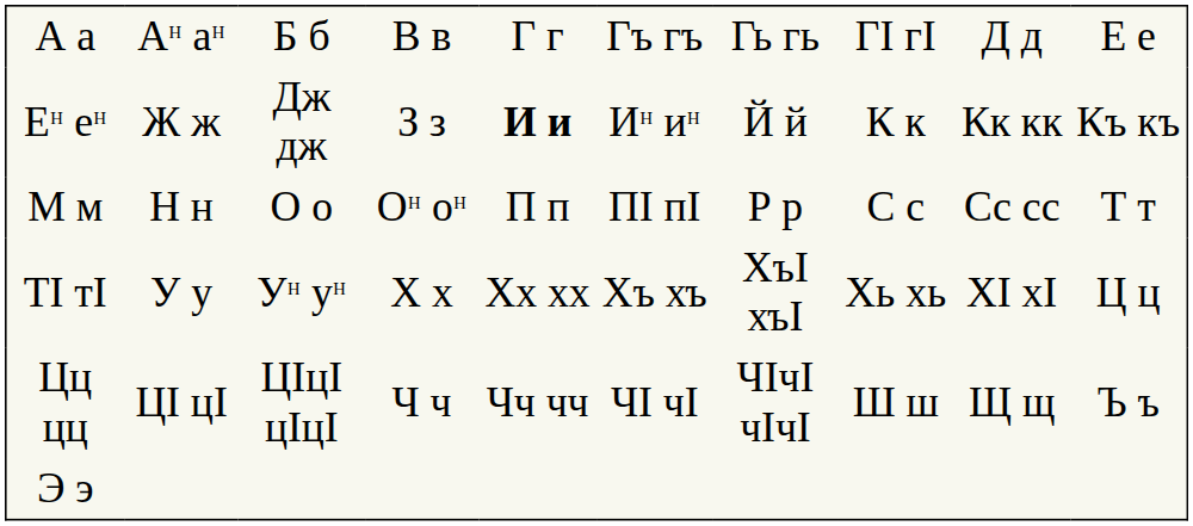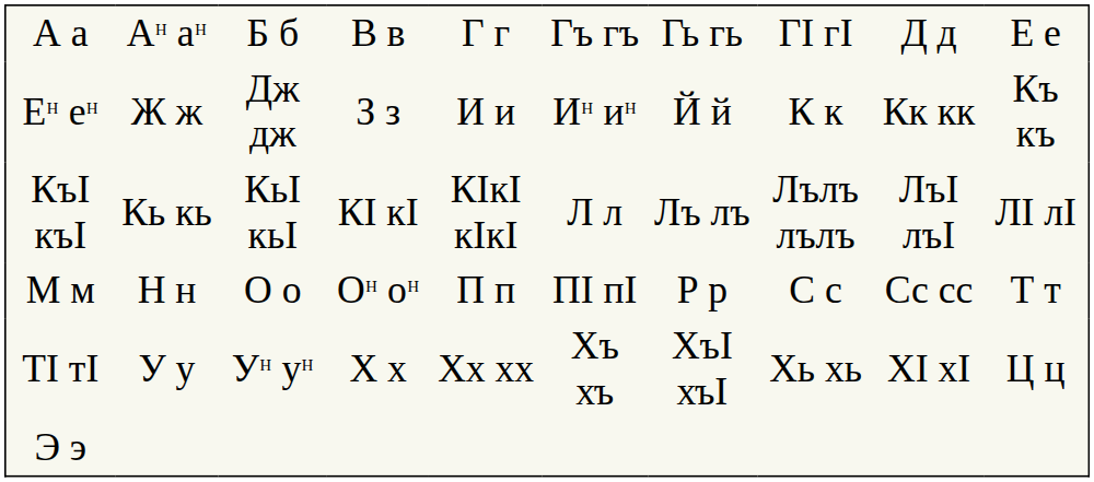 <table style="font-family:Arial Unicode MS; font-size:1.4em; border-color:#000000; border-width:1px; border-style:solid; border-collapse:collapse; background-color:#F8F8EF">
 <tr>
 <td style="width:3em; text-align:center; padding: 3px;">А а</td>
 <td style="width:3em; text-align:center; padding: 3px;">Аᵸ аᵸ</td>
 <td style="width:3em; text-align:center; padding: 3px;">Б б</td>
 <td style="width:3em; text-align:center; padding: 3px;">В в</td>
 <td style="width:3em; text-align:center; padding: 3px;">Г г</td>
 <td style="width:3em; text-align:center; padding: 3px;">Гъ гъ</td>
 <td style="width:3em; text-align:center; padding: 3px;">Гь гь</td>
 <td style="width:3em; text-align:center; padding: 3px;">ГӀ гӀ</td>
 <td style="width:3em; text-align:center; padding: 3px;">Д д</td>
 <td style="width:3em; text-align:center; padding: 3px;">Е е</td>
 </tr>
 <tr>
 <td style="width:3em; text-align:center; padding: 3px;">Еᵸ еᵸ</td>
 <td style="width:3em; text-align:center; padding: 3px;">Ж ж</td>
 <td style="width:3em; text-align:center; padding: 3px;">Дж дж</td>
 <td style="width:3em; text-align:center; padding: 3px;">З з</td>
-<td style="width:3em; text-align:center; padding: 3px;"><strong>И и</strong></td>
+<td style="width:3em; text-align:center; padding: 3px;">И и</td>
 <td style="width:3em; text-align:center; padding: 3px;">Иᵸ иᵸ</td>
 <td style="width:3em; text-align:center; padding: 3px;">Й й</td>
 <td style="width:3em; text-align:center; padding: 3px;">К к</td>
 <td style="width:3em; text-align:center; padding: 3px;">Кк кк</td>
 <td style="width:3em; text-align:center; padding: 3px;">Къ къ</td>
+</tr>
+<tr>
+<td style="width:3em; text-align:center; padding: 3px;">КъӀ къӀ</td>
+<td style="width:3em; text-align:center; padding: 3px;">Кь кь</td>
+<td style="width:3em; text-align:center; padding: 3px;">КьӀ кьӀ</td>
+<td style="width:3em; text-align:center; padding: 3px;">КӀ кӀ</td>
+<td style="width:3em; text-align:center; padding: 3px;">КӀкӀ кӀкӀ</td>
+<td style="width:3em; text-align:center; padding: 3px;">Л л</td>
+<td style="width:3em; text-align:center; padding: 3px;">Лъ лъ</td>
+<td style="width:3em; text-align:center; padding: 3px;">Лълъ лълъ</td>
+<td style="width:3em; text-align:center; padding: 3px;">ЛъӀ лъӀ</td>
+<td style="width:3em; text-align:center; padding: 3px;">ЛӀ лӀ</td>
 </tr>
 <tr>
 <td style="width:3em; text-align:center; padding: 3px;">М м</td>
 <td style="width:3em; text-align:center; padding: 3px;">Н н</td>
 <td style="width:3em; text-align:center; padding: 3px;">О о</td>
 <td style="width:3em; text-align:center; padding: 3px;">Оᵸ оᵸ</td>
 <td style="width:3em; text-align:center; padding: 3px;">П п</td>
 <td style="width:3em; text-align:center; padding: 3px;">ПӀ пӀ</td>
 <td style="width:3em; text-align:center; padding: 3px;">Р р</td>
 <td style="width:3em; text-align:center; padding: 3px;">С с</td>
 <td style="width:3em; text-align:center; padding: 3px;">Сс сс</td>
 <td style="width:3em; text-align:center; padding: 3px;">Т т</td>
 </tr>
 <tr>
 <td style="width:3em; text-align:center; padding: 3px;">ТӀ тӀ</td>
 <td style="width:3em; text-align:center; padding: 3px;">У у</td>
 <td style="width:3em; text-align:center; padding: 3px;">Уᵸ уᵸ</td>
 <td style="width:3em; text-align:center; padding: 3px;">Х х</td>
 <td style="width:3em; text-align:center; padding: 3px;">Хх хх</td>
 <td style="width:3em; text-align:center; padding: 3px;">Хъ хъ</td>
 <td style="width:3em; text-align:center; padding: 3px;">ХъӀ хъӀ</td>
 <td style="width:3em; text-align:center; padding: 3px;">Хь хь</td>
 <td style="width:3em; text-align:center; padding: 3px;">ХӀ хӀ</td>
 <td style="width:3em; text-align:center; padding: 3px;">Ц ц</td>
 </tr>
 <tr>
-<td style="width:3em; text-align:center; padding: 3px;">Цц цц</td>
-<td style="width:3em; text-align:center; padding: 3px;">ЦӀ цӀ</td>
-<td style="width:3em; text-align:center; padding: 3px;">ЦӀцӀ цӀцӀ</td>
-<td style="width:3em; text-align:center; padding: 3px;">Ч ч</td>
-<td style="width:3em; text-align:center; padding: 3px;">Чч чч</td>
-<td style="width:3em; text-align:center; padding: 3px;">ЧӀ чӀ</td>
-<td style="width:3em; text-align:center; padding: 3px;">ЧӀчӀ чӀчӀ</td>
-<td style="width:3em; text-align:center; padding: 3px;">Ш ш</td>
-<td style="width:3em; text-align:center; padding: 3px;">Щ щ</td>
-<td style="width:3em; text-align:center; padding: 3px;">Ъ ъ</td>
-</tr>
-<tr>
 <td style="width:3em; text-align:center; padding: 3px;">Э э</td>
 <td></td>
 <td></td>
 <td></td>
 <td></td>
 <td></td>
 <td></td>
 <td></td>
 <td></td>
 <td></td>
 </tr>
 </table>
